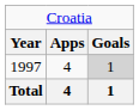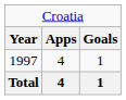 <table class="wikitable" style="text-align:center">
 <tr>
 <td colspan="3"><a href='#'>Croatia</a></td>
 </tr>
 <tr>
 <th>Year</th>
 <th>Apps</th>
 <th>Goals</th>
 </tr>
 <tr>
 <td>1997</td>
 <td>4</td>
-<td style="background: lightgrey;">1</td>
+<td>1</td>
 </tr>
 <tr>
 <th>Total</th>
 <th>4</th>
 <th>1</th>
 </tr>
 </table>
